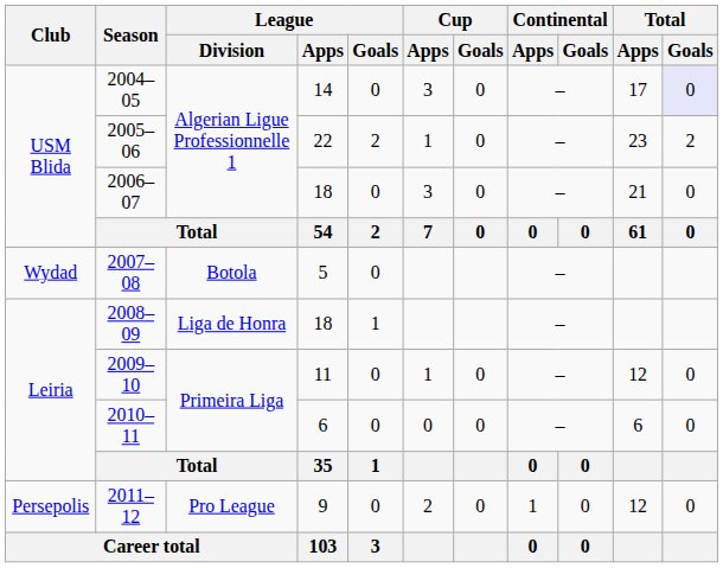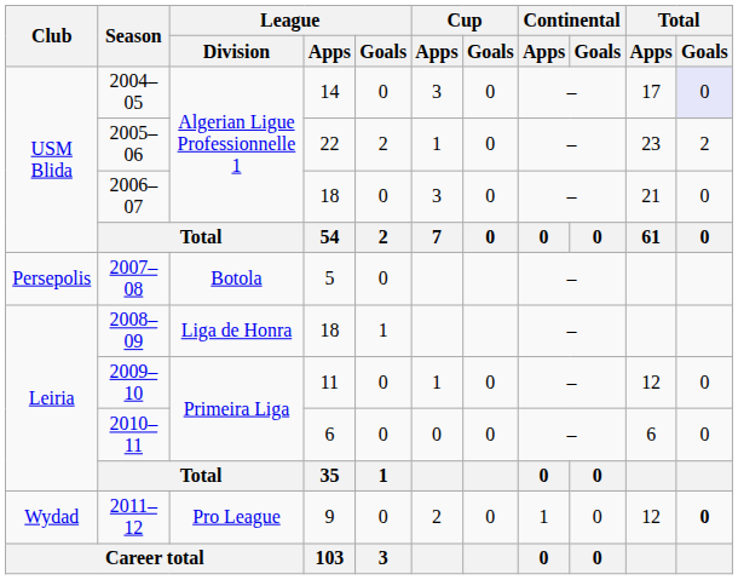 <table class="wikitable" style="text-align:center">
 <tr>
 <th rowspan="2">Club</th>
 <th rowspan="2">Season</th>
 <th colspan="3">League</th>
 <th colspan="2">Cup</th>
 <th colspan="2">Continental</th>
 <th colspan="2">Total</th>
 </tr>
 <tr>
 <th>Division</th>
 <th>Apps</th>
 <th>Goals</th>
 <th>Apps</th>
 <th>Goals</th>
 <th>Apps</th>
 <th>Goals</th>
 <th>Apps</th>
 <th>Goals</th>
 </tr>
 <tr>
 <td rowspan="4"><a href='#'>USM Blida</a></td>
 <td>2004–05</td>
 <td rowspan="3"><a href='#'>Algerian Ligue<br> Professionnelle 1</a></td>
 <td>14</td>
 <td>0</td>
 <td>3</td>
 <td>0</td>
 <td colspan="2">–</td>
 <td>17</td>
 <td style="background: lavender;">0</td>
 </tr>
 <tr>
 <td>2005–06</td>
 <td>22</td>
 <td>2</td>
 <td>1</td>
 <td>0</td>
 <td colspan="2">–</td>
 <td>23</td>
 <td>2</td>
 </tr>
 <tr>
 <td>2006–07</td>
 <td>18</td>
 <td>0</td>
 <td>3</td>
 <td>0</td>
 <td colspan="2">–</td>
 <td>21</td>
 <td>0</td>
 </tr>
 <tr>
 <th colspan="2">Total</th>
 <th>54</th>
 <th>2</th>
 <th>7</th>
 <th>0</th>
 <th>0</th>
 <th>0</th>
 <th>61</th>
 <th>0</th>
 </tr>
 <tr>
-<td><a href='#'>Wydad</a></td>
+<td><a href='#'>Persepolis</a></td>
 <td><a href='#'>2007–08</a></td>
 <td><a href='#'>Botola</a></td>
 <td>5</td>
 <td>0</td>
 <td></td>
 <td></td>
 <td colspan="2">–</td>
 <td></td>
 <td></td>
 </tr>
 <tr>
 <td rowspan="4"><a href='#'>Leiria</a></td>
 <td><a href='#'>2008–09</a></td>
 <td><a href='#'>Liga de Honra</a></td>
 <td>18</td>
 <td>1</td>
 <td></td>
 <td></td>
 <td colspan="2">–</td>
 <td></td>
 <td></td>
 </tr>
 <tr>
 <td><a href='#'>2009–10</a></td>
 <td rowspan="2"><a href='#'>Primeira Liga</a></td>
 <td>11</td>
 <td>0</td>
 <td>1</td>
 <td>0</td>
 <td colspan="2">–</td>
 <td>12</td>
 <td>0</td>
 </tr>
 <tr>
 <td><a href='#'>2010–11</a></td>
 <td>6</td>
 <td>0</td>
 <td>0</td>
 <td>0</td>
 <td colspan="2">–</td>
 <td>6</td>
 <td>0</td>
 </tr>
 <tr>
 <th colspan="2">Total</th>
 <th>35</th>
 <th>1</th>
 <th></th>
 <th></th>
 <th>0</th>
 <th>0</th>
 <th></th>
 <th></th>
 </tr>
 <tr>
-<td><a href='#'>Persepolis</a></td>
+<td><a href='#'>Wydad</a></td>
 <td><a href='#'>2011–12</a></td>
 <td><a href='#'>Pro League</a></td>
 <td>9</td>
 <td>0</td>
 <td>2</td>
 <td>0</td>
 <td>1</td>
 <td>0</td>
 <td>12</td>
-<td>0</td>
+<td><strong>0</strong></td>
 </tr>
 <tr>
 <th colspan="3">Career total</th>
 <th>103</th>
 <th>3</th>
 <th></th>
 <th></th>
 <th>0</th>
 <th>0</th>
 <th></th>
 <th></th>
 </tr>
 </table>
